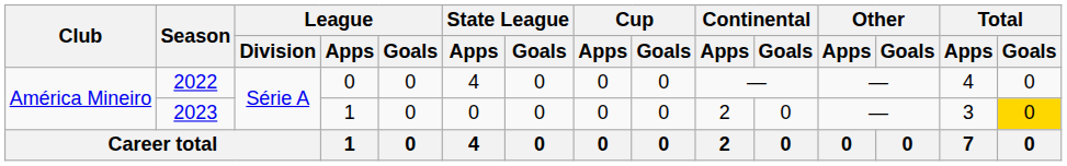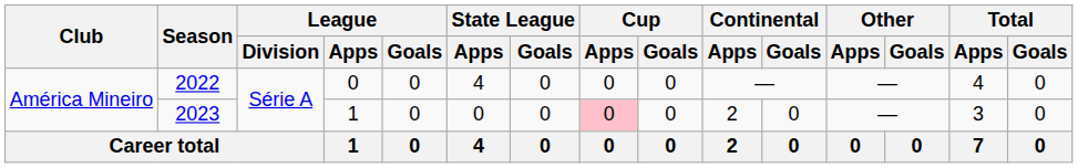 <table class="wikitable" style="text-align: center;">
 <tr>
 <th rowspan="2">Club</th>
 <th rowspan="2">Season</th>
 <th colspan="3">League</th>
 <th colspan="2">State League</th>
 <th colspan="2">Cup</th>
 <th colspan="2">Continental</th>
 <th colspan="2">Other</th>
 <th colspan="2">Total</th>
 </tr>
 <tr>
 <th>Division</th>
 <th>Apps</th>
 <th>Goals</th>
 <th>Apps</th>
 <th>Goals</th>
 <th>Apps</th>
 <th>Goals</th>
 <th>Apps</th>
 <th>Goals</th>
 <th>Apps</th>
 <th>Goals</th>
 <th>Apps</th>
 <th>Goals</th>
 </tr>
 <tr>
 <td rowspan=2><a href='#'>América Mineiro</a></td>
 <td><a href='#'>2022</a></td>
 <td rowspan=2><a href='#'>Série A</a></td>
 <td>0</td>
 <td>0</td>
 <td>4</td>
 <td>0</td>
 <td>0</td>
 <td>0</td>
 <td colspan=2>—</td>
 <td colspan=2>—</td>
 <td>4</td>
 <td>0</td>
 </tr>
 <tr>
 <td><a href='#'>2023</a></td>
 <td>1</td>
 <td>0</td>
 <td>0</td>
 <td>0</td>
-<td>0</td>
+<td style="background: pink;">0</td>
 <td>0</td>
 <td>2</td>
 <td>0</td>
 <td colspan=2>—</td>
 <td>3</td>
-<td style="background: gold;">0</td>
+<td>0</td>
 </tr>
 <tr>
 <th colspan=3><strong>Career total</strong></th>
 <th>1</th>
 <th>0</th>
 <th>4</th>
 <th>0</th>
 <th>0</th>
 <th>0</th>
 <th>2</th>
 <th>0</th>
 <th>0</th>
 <th>0</th>
 <th>7</th>
 <th>0</th>
 </tr>
 </table>
